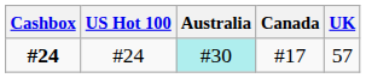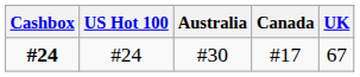 <table class="wikitable">
 <tr>
 <th><small><a href='#'>Cashbox</a></small></th>
 <th><small><a href='#'>US Hot 100</a></small></th>
 <th><small>Australia</small></th>
 <th><small>Canada</small></th>
 <th><small><a href='#'>UK</a></small></th>
 </tr>
 <tr style="text-align:center;">
 <td><strong>#24</strong></td>
 <td>#24</td>
-<td style="background: paleturquoise;">#30</td>
+<td>#30</td>
 <td>#17</td>
-<td style="text-align:center;">57</td>
+<td style="text-align:center;">67</td>
 </tr>
 </table>
